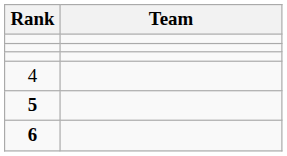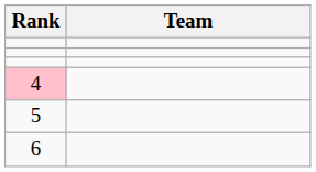 <table class="wikitable" style="text-align: center;">
 <tr>
 <th width=40>Rank</th>
 <th width=180>Team</th>
 </tr>
 <tr align=center>
 <td></td>
 <td style="text-align:left;"></td>
 </tr>
 <tr align=center>
 <td></td>
 <td style="text-align:left;"></td>
 </tr>
 <tr align=center>
 <td></td>
 <td style="text-align:left;"></td>
 </tr>
 <tr align=center>
-<td>4</td>
+<td style="background: pink;">4</td>
 <td style="text-align:left;"></td>
 </tr>
 <tr align=center>
-<td><strong>5</strong></td>
+<td>5</td>
 <td style="text-align:left;"></td>
 </tr>
 <tr align=center>
-<td><strong>6</strong></td>
+<td>6</td>
 <td style="text-align:left;"></td>
 </tr>
 </table>
